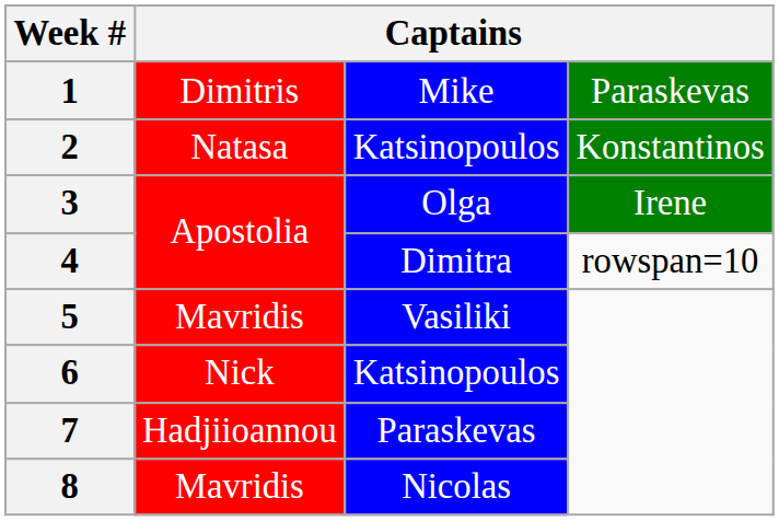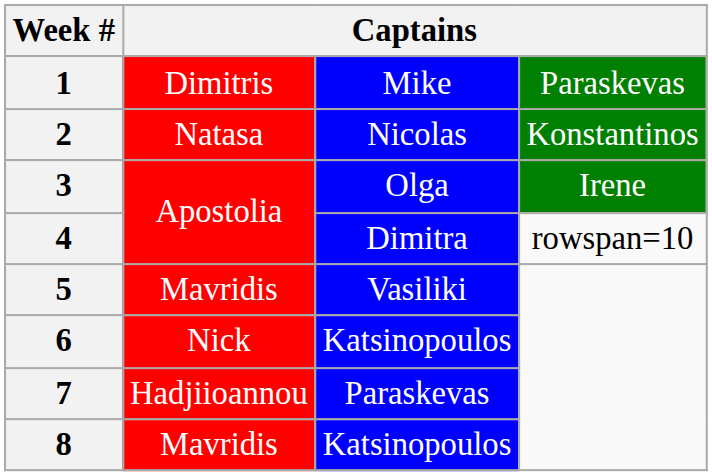 <table class="wikitable " style="text-align:center;">
 <tr>
 <th>Week #</th>
 <th colspan="3">Captains </th>
 </tr>
 <tr>
 <th>1</th>
 <td style="background: Red; color: white; text-align: center;">Dimitris</td>
 <td style="background: Blue; color: white; text-align: center;">Mike</td>
 <td style="background: Green; color: white; text-align: center;">Paraskevas</td>
 </tr>
 <tr>
 <th>2</th>
 <td style="background: Red; color: white; text-align: center;">Natasa</td>
-<td style="background: Blue; color: white; text-align: center;">Katsinopoulos</td>
+<td style="background: Blue; color: white; text-align: center;">Nicolas </td>
 <td style="background: Green; color: white; text-align: center;">Konstantinos</td>
 </tr>
 <tr>
 <th>3</th>
 <td style="background: Red; color: white; text-align: center;" rowspan="2">Apostolia</td>
 <td style="background: Blue; color: white; text-align: center;">Olga</td>
 <td style="background: Green; color: white; text-align: center;">Irene</td>
 </tr>
 <tr>
 <th>4 </th>
 <td style="background: Blue; color: white; text-align: center;">Dimitra</td>
 <td>rowspan=10 </td>
 </tr>
 <tr>
 <th>5</th>
 <td style="background: Red; color: white; text-align: center;">Mavridis</td>
 <td style="background: Blue; color: white; text-align: center;">Vasiliki</td>
 </tr>
 <tr>
 <th>6</th>
 <td style="background: Red; color: white; text-align: center;">Nick</td>
 <td style="background: Blue; color: white; text-align: center;">Katsinopoulos</td>
 </tr>
 <tr>
 <th>7</th>
 <td style="background: Red; color: white; text-align: center;">Hadjiioannou</td>
 <td style="background: Blue; color: white; text-align: center;">Paraskevas</td>
 </tr>
 <tr>
 <th>8</th>
 <td style="background: Red; color: white; text-align: center;">Mavridis</td>
-<td style="background: Blue; color: white; text-align: center;">Nicolas </td>
+<td style="background: Blue; color: white; text-align: center;">Katsinopoulos</td>
 </tr>
 </table>
